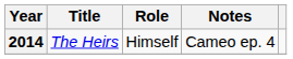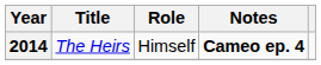 <table class="wikitable sortable plainrowheaders">
 <tr>
 <th>Year</th>
 <th>Title</th>
 <th>Role</th>
 <th>Notes</th>
 <th scope="col" class="unsortable"></th>
 </tr>
 <tr>
 <th scope="row">2014</th>
 <td><em><a href='#'>The Heirs</a></em></td>
 <td>Himself</td>
-<td>Cameo ep. 4</td>
+<td><strong>Cameo ep. 4</strong></td>
 <td></td>
 </tr>
 <tr>
 </tr>
 </table>
